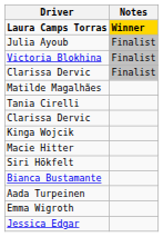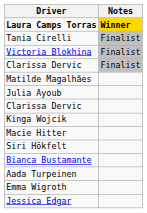 <table class="wikitable">
 <tr>
 <th>Driver</th>
 <th>Notes</th>
 </tr>
 <tr>
 <td> <strong>Laura Camps Torras</strong></td>
 <td style="background:gold"><strong>Winner</strong></td>
 </tr>
 <tr>
-<td> Julia Ayoub</td>
+<td> Tania Cirelli</td>
 <td style="background:silver">Finalist</td>
 </tr>
 <tr>
 <td> <a href='#'>Victoria Blokhina</a></td>
 <td style="background:silver">Finalist</td>
 </tr>
 <tr>
 <td> Clarissa Dervic</td>
 <td style="background:silver">Finalist</td>
 </tr>
 <tr>
 <td> Matilde Magalhães</td>
 <td></td>
 </tr>
 <tr>
-<td> Tania Cirelli</td>
+<td> Julia Ayoub</td>
 <td></td>
 </tr>
 <tr>
 <td> Clarissa Dervic</td>
 <td></td>
 </tr>
 <tr>
 <td> Kinga Wojcik</td>
 <td></td>
 </tr>
 <tr>
 <td> Macie Hitter</td>
 <td></td>
 </tr>
 <tr>
 <td> Siri Hökfelt</td>
 <td></td>
 </tr>
 <tr>
 <td> <a href='#'>Bianca Bustamante</a></td>
 <td></td>
 </tr>
 <tr>
 <td> Aada Turpeinen</td>
 <td></td>
 </tr>
 <tr>
 <td> Emma Wigroth</td>
 <td></td>
 </tr>
 <tr>
 <td> <a href='#'>Jessica Edgar</a></td>
 <td></td>
 </tr>
 </table>
